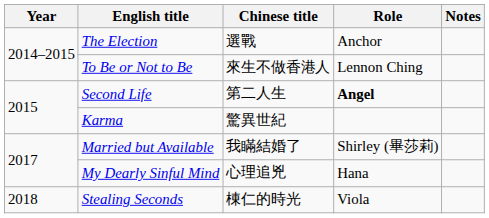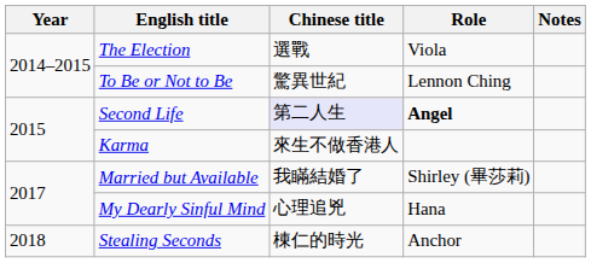 <table class="wikitable">
 <tr>
 <th>Year</th>
 <th>English title</th>
 <th>Chinese title</th>
 <th>Role</th>
 <th>Notes</th>
 </tr>
 <tr>
 <td rowspan=2>2014–2015</td>
 <td><em><a href='#'>The Election</a></em></td>
 <td>選戰</td>
-<td>Anchor</td>
+<td>Viola</td>
 <td></td>
 </tr>
 <tr>
 <td><em><a href='#'>To Be or Not to Be</a></em></td>
-<td>來生不做香港人</td>
+<td>驚異世紀</td>
 <td>Lennon Ching</td>
 <td></td>
 </tr>
 <tr>
 <td rowspan=2>2015</td>
 <td><em><a href='#'>Second Life</a></em></td>
-<td>第二人生</td>
+<td style="background: lavender;">第二人生</td>
 <td><strong>Angel</strong></td>
 <td></td>
 </tr>
 <tr>
 <td><em><a href='#'>Karma</a></em></td>
-<td>驚異世紀</td>
+<td>來生不做香港人</td>
 <td></td>
 <td></td>
 </tr>
 <tr>
 <td rowspan=2>2017</td>
 <td><em><a href='#'>Married but Available</a></em></td>
 <td>我瞞結婚了</td>
 <td>Shirley (畢莎莉)</td>
 <td></td>
 </tr>
 <tr>
 <td><em><a href='#'>My Dearly Sinful Mind</a></em></td>
 <td>心理追兇</td>
 <td>Hana</td>
 <td></td>
 </tr>
 <tr>
 <td>2018</td>
 <td><em><a href='#'>Stealing Seconds</a></em></td>
 <td>棟仁的時光</td>
-<td>Viola</td>
+<td>Anchor</td>
 </tr>
 </table>
